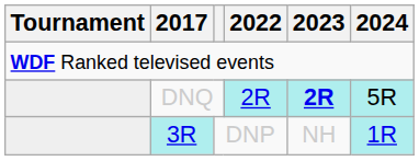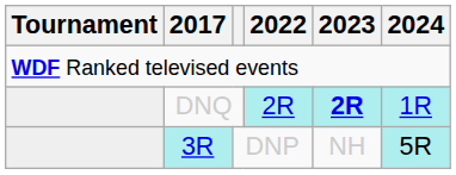 <table class="wikitable" style="width:20%; margin:0">
 <tr>
 <th>Tournament</th>
 <th>2017</th>
 <th></th>
 <th>2022</th>
 <th>2023</th>
 <th>2024</th>
 </tr>
 <tr>
 <td colspan="8" style="text-align:left"><small><strong><a href='#'>WDF</a> </strong>Ranked televised events</small></td>
 </tr>
 <tr>
 <td style="background:#efefef;"></td>
 <td colspan="2" style="text-align:center; color:#ccc;">DNQ</td>
 <td style="text-align:center; background:#afeeee;"><a href='#'>2R</a></td>
 <td style="text-align:center; background:#afeeee;"><strong><a href='#'>2R</a></strong></td>
-<td style="text-align:center; background:#afeeee;">5R</td>
+<td style="text-align:center; background:#afeeee;"><a href='#'>1R</a></td>
 </tr>
 <tr>
 <td style="background:#efefef;"></td>
 <td style="text-align:center; background:#afeeee;"><a href='#'>3R</a></td>
 <td colspan="2" style="text-align:center; color:#ccc;">DNP</td>
 <td style="text-align:center; color:#ccc;">NH</td>
-<td style="text-align:center; background:#afeeee;"><a href='#'>1R</a></td>
+<td style="text-align:center; background:#afeeee;">5R</td>
 </tr>
 </table>
